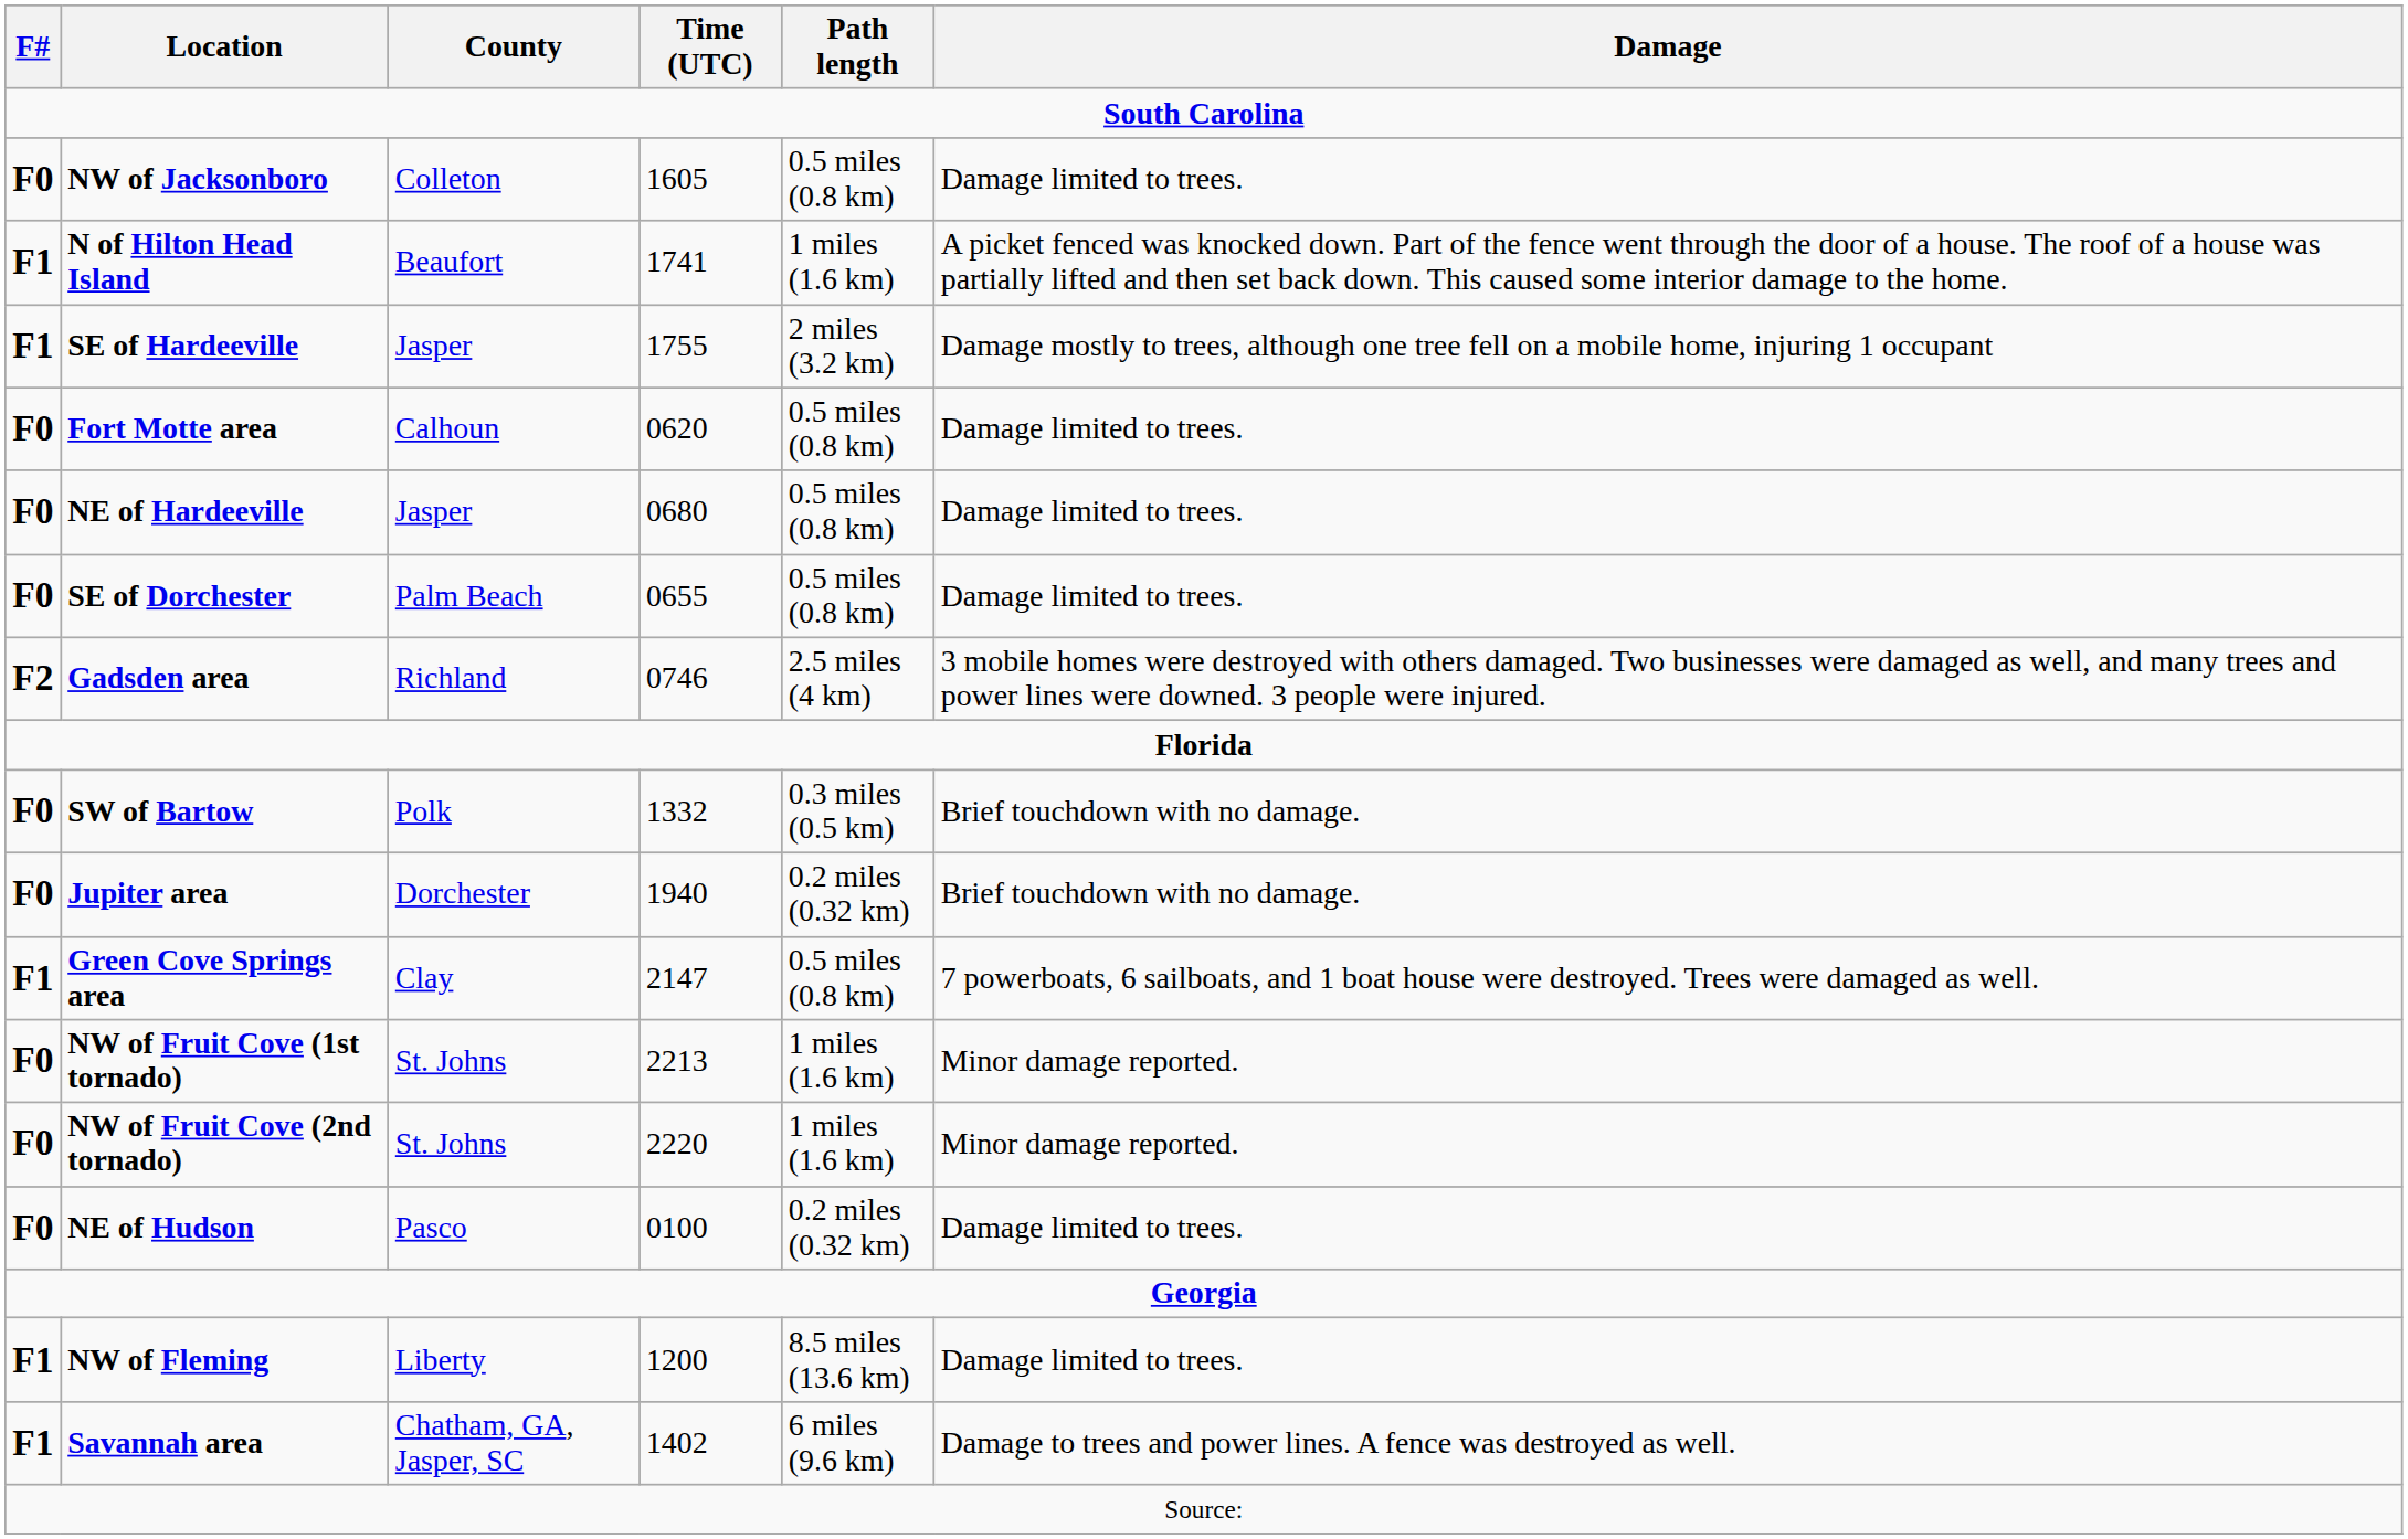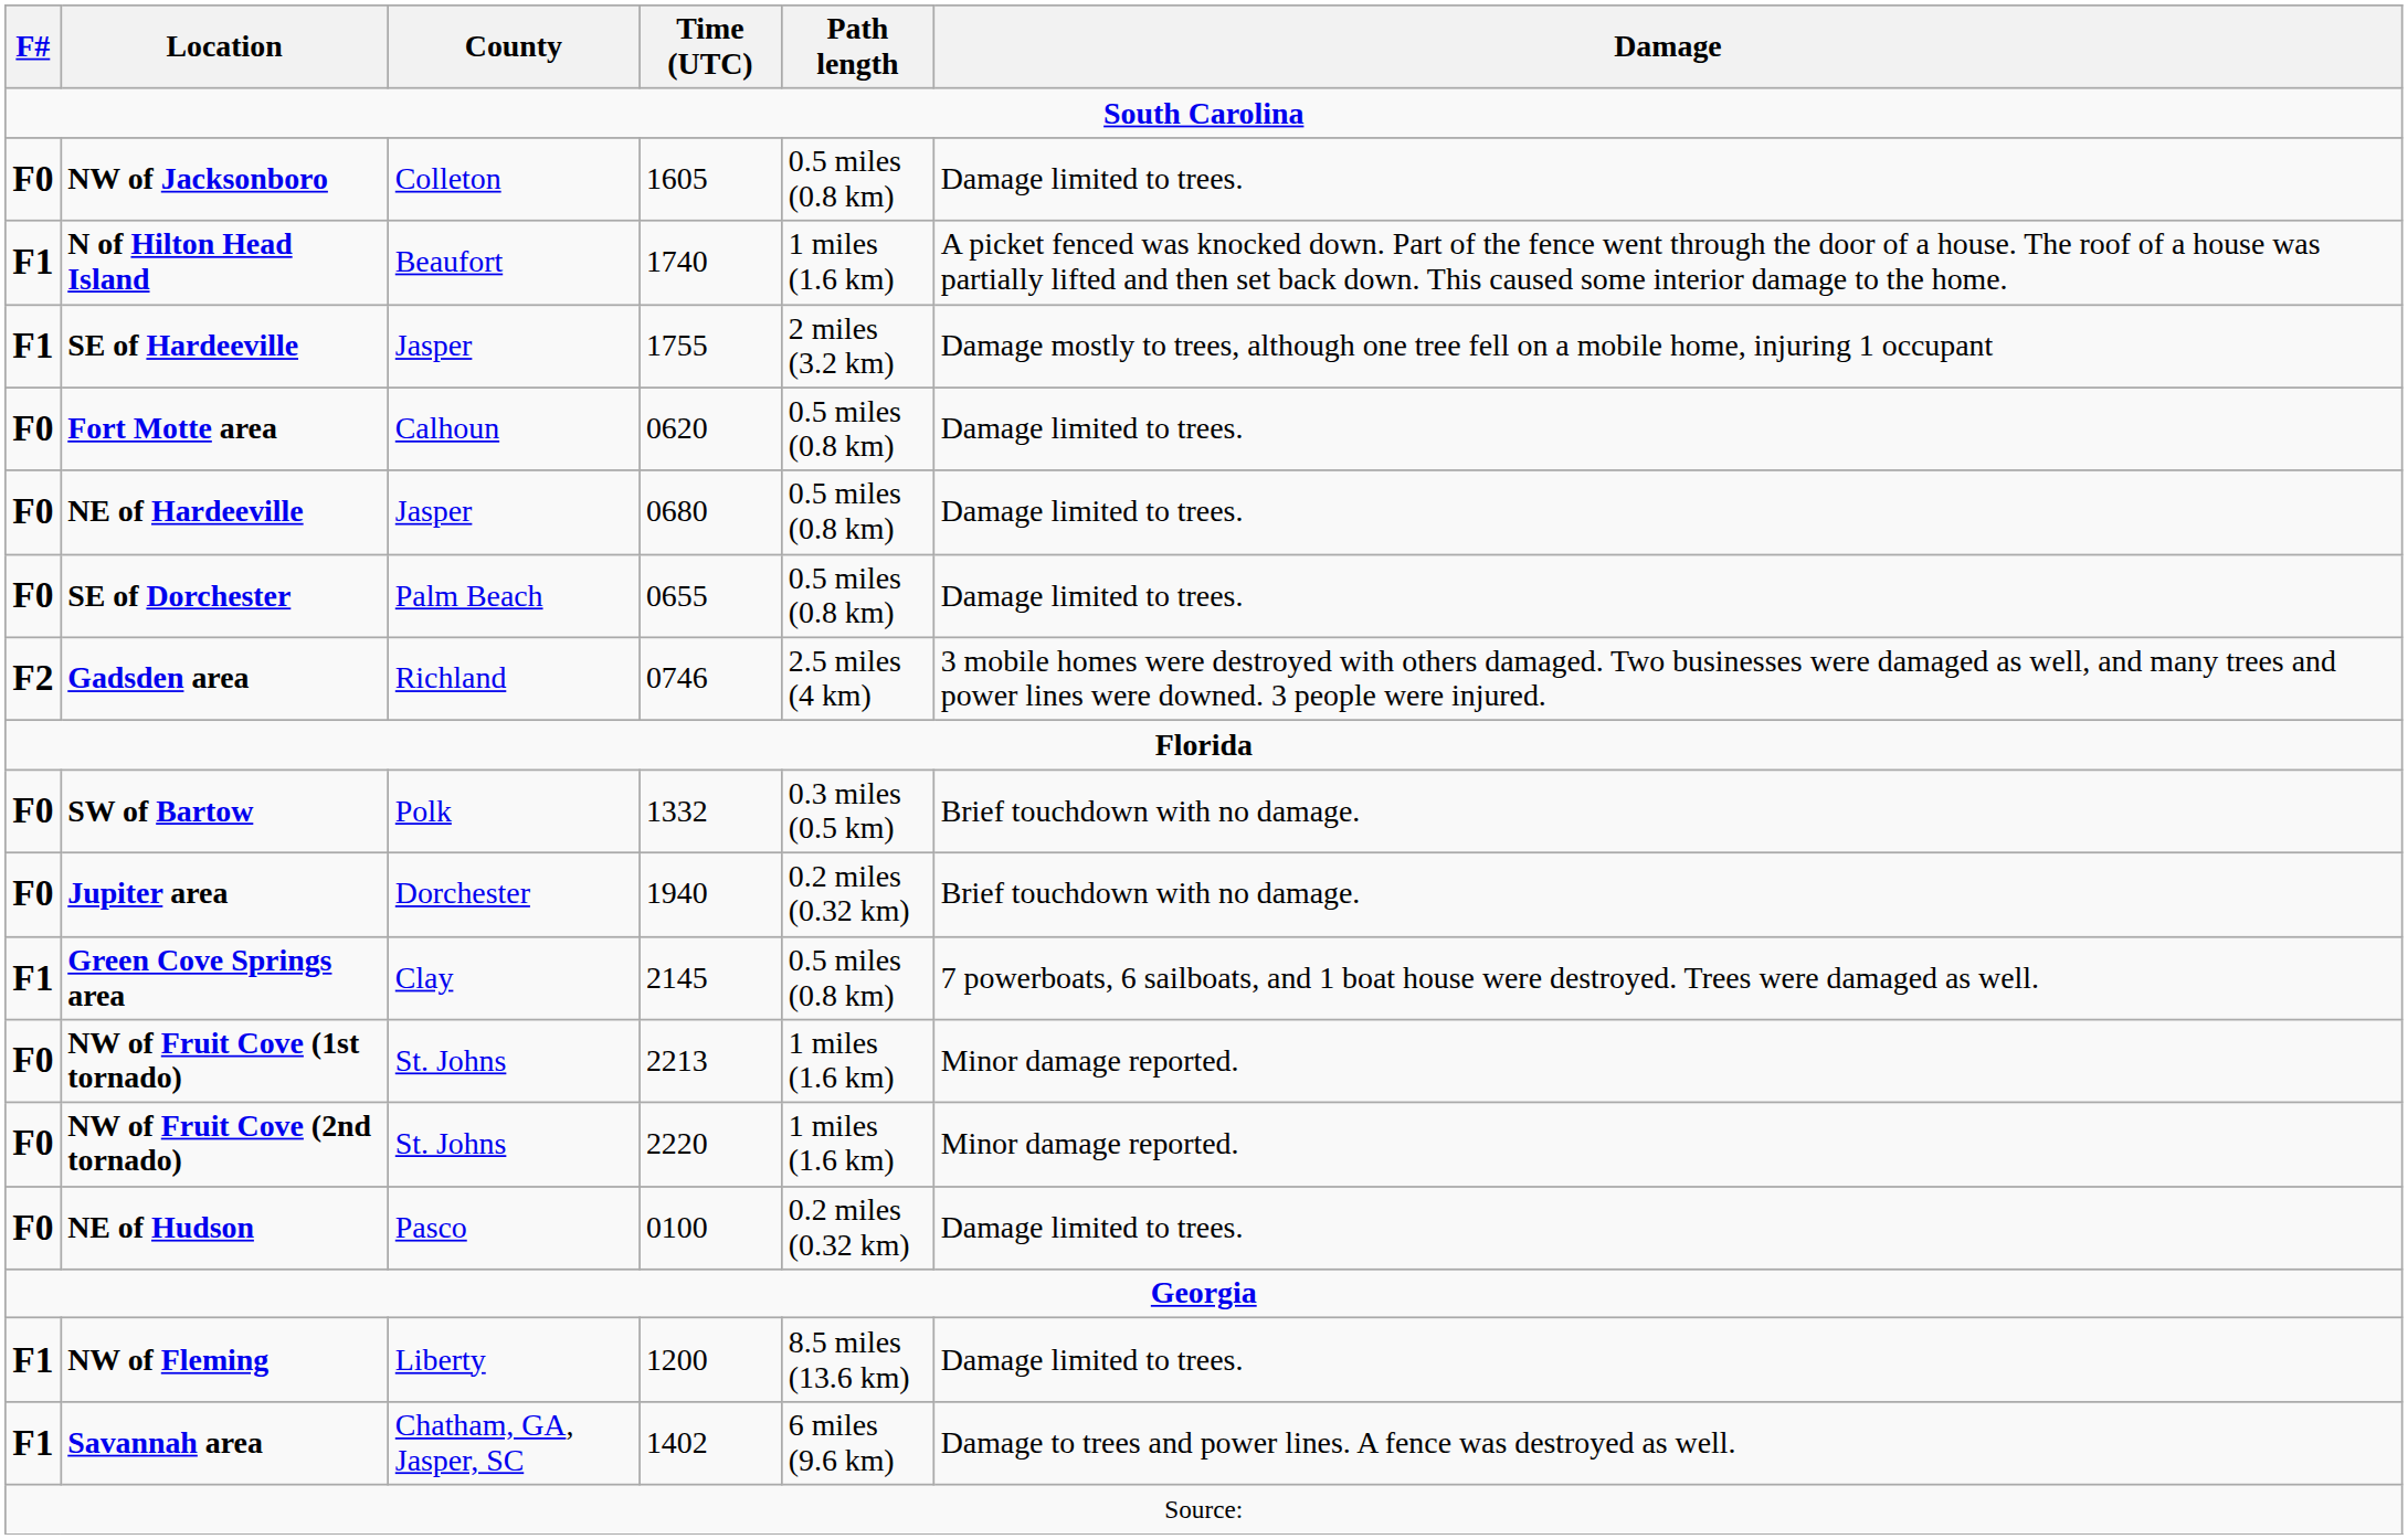 <table class="wikitable">
 <tr>
 <th><a href='#'>F#</a></th>
 <th>Location</th>
 <th>County</th>
 <th>Time (UTC)</th>
 <th>Path length</th>
 <th>Damage</th>
 </tr>
 <tr>
 <td colspan="7" align=center><strong><a href='#'>South Carolina</a></strong></td>
 </tr>
 <tr>
 <td><big><strong>F0</strong></big></td>
 <td><strong>NW of <a href='#'>Jacksonboro</a></strong></td>
 <td><a href='#'>Colleton</a></td>
 <td>1605</td>
 <td>0.5 miles <br>(0.8 km)</td>
 <td>Damage limited to trees.</td>
 </tr>
 <tr>
 <td><big><strong>F1</strong></big></td>
 <td><strong>N of <a href='#'>Hilton Head Island</a></strong></td>
 <td><a href='#'>Beaufort</a></td>
-<td>1741</td>
+<td>1740</td>
 <td>1 miles <br>(1.6 km)</td>
 <td>A picket fenced was knocked down. Part of the fence went through the door of a house. The roof of a house was partially lifted and then set back down. This caused some interior damage to the home.</td>
 </tr>
 <tr>
 <td><big><strong>F1</strong></big></td>
 <td><strong>SE of <a href='#'>Hardeeville</a></strong></td>
 <td><a href='#'>Jasper</a></td>
 <td>1755</td>
 <td>2 miles <br>(3.2 km)</td>
 <td>Damage mostly to trees, although one tree fell on a mobile home, injuring 1 occupant</td>
 </tr>
 <tr>
 <td><big><strong>F0</strong></big></td>
 <td><strong><a href='#'>Fort Motte</a> area</strong></td>
 <td><a href='#'>Calhoun</a></td>
 <td>0620</td>
 <td>0.5 miles <br>(0.8 km)</td>
 <td>Damage limited to trees.</td>
 </tr>
 <tr>
 <td><big><strong>F0</strong></big></td>
 <td><strong>NE of <a href='#'>Hardeeville</a></strong></td>
 <td><a href='#'>Jasper</a></td>
 <td>0680</td>
 <td>0.5 miles <br>(0.8 km)</td>
 <td>Damage limited to trees.</td>
 </tr>
 <tr>
 <td><big><strong>F0</strong></big></td>
 <td><strong>SE of <a href='#'>Dorchester</a></strong></td>
 <td><a href='#'>Palm Beach</a></td>
 <td>0655</td>
 <td>0.5 miles <br>(0.8 km)</td>
 <td>Damage limited to trees.</td>
 </tr>
 <tr>
 <td><big><strong>F2</strong></big></td>
 <td><strong><a href='#'>Gadsden</a> area</strong></td>
 <td><a href='#'>Richland</a></td>
 <td>0746</td>
 <td>2.5 miles <br>(4 km)</td>
 <td>3 mobile homes were destroyed with others damaged. Two businesses were damaged as well, and many trees and power lines were downed. 3 people were injured.</td>
 </tr>
 <tr>
 <td colspan="7" align=center><strong>Florida</strong></td>
 </tr>
 <tr>
 <td><big><strong>F0</strong></big></td>
 <td><strong>SW of <a href='#'>Bartow</a></strong></td>
 <td><a href='#'>Polk</a></td>
 <td>1332</td>
 <td>0.3 miles <br>(0.5 km)</td>
 <td>Brief touchdown with no damage.</td>
 </tr>
 <tr>
 <td><big><strong>F0</strong></big></td>
 <td><strong><a href='#'>Jupiter</a> area</strong></td>
 <td><a href='#'>Dorchester</a></td>
 <td>1940</td>
 <td>0.2 miles <br>(0.32 km)</td>
 <td>Brief touchdown with no damage.</td>
 </tr>
 <tr>
 <td><big><strong>F1</strong></big></td>
 <td><strong><a href='#'>Green Cove Springs</a> area</strong></td>
 <td><a href='#'>Clay</a></td>
-<td>2147</td>
+<td>2145</td>
 <td>0.5 miles <br>(0.8 km)</td>
 <td>7 powerboats, 6 sailboats, and 1 boat house were destroyed. Trees were damaged as well.</td>
 </tr>
 <tr>
 <td><big><strong>F0</strong></big></td>
 <td><strong>NW of <a href='#'>Fruit Cove</a> (1st tornado)</strong></td>
 <td><a href='#'>St. Johns</a></td>
 <td>2213</td>
 <td>1 miles <br>(1.6 km)</td>
 <td>Minor damage reported.</td>
 </tr>
 <tr>
 <td><big><strong>F0</strong></big></td>
 <td><strong>NW of <a href='#'>Fruit Cove</a> (2nd tornado)</strong></td>
 <td><a href='#'>St. Johns</a></td>
 <td>2220</td>
 <td>1 miles <br>(1.6 km)</td>
 <td>Minor damage reported.</td>
 </tr>
 <tr>
 <td><big><strong>F0</strong></big></td>
 <td><strong>NE of <a href='#'>Hudson</a></strong></td>
 <td><a href='#'>Pasco</a></td>
 <td>0100</td>
 <td>0.2 miles <br>(0.32 km)</td>
 <td>Damage limited to trees.</td>
 </tr>
 <tr>
 <td colspan="7" align=center><strong><a href='#'>Georgia</a></strong></td>
 </tr>
 <tr>
 <td><big><strong>F1</strong></big></td>
 <td><strong>NW of <a href='#'>Fleming</a></strong></td>
 <td><a href='#'>Liberty</a></td>
 <td>1200</td>
 <td>8.5 miles <br>(13.6 km)</td>
 <td>Damage limited to trees.</td>
 </tr>
 <tr>
 <td><big><strong>F1</strong></big></td>
 <td><strong><a href='#'>Savannah</a> area</strong></td>
 <td><a href='#'>Chatham, GA</a>, <a href='#'>Jasper, SC</a></td>
 <td>1402</td>
 <td>6 miles <br>(9.6 km)</td>
 <td>Damage to trees and power lines. A fence was destroyed as well.</td>
 </tr>
 <tr>
 <td colspan="7" align=center><small>Source: </small></td>
 </tr>
 <tr>
 </tr>
 </table>
